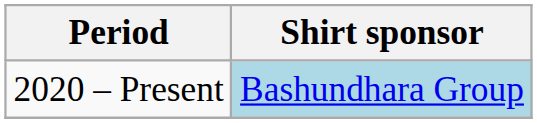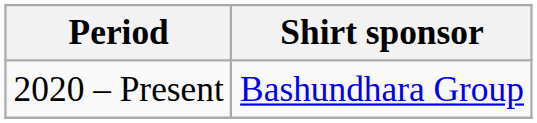 <table class="wikitable" style="text-align:center;margin-left:1em;float:center">
 <tr>
 <th>Period</th>
 <th>Shirt sponsor</th>
 </tr>
 <tr>
 <td>2020 – Present</td>
-<td style="background: lightblue;"><a href='#'>Bashundhara Group</a></td>
+<td><a href='#'>Bashundhara Group</a></td>
 </tr>
 <tr>
 </tr>
 </table>
